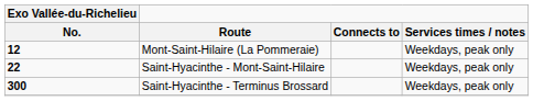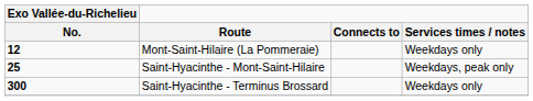 <table align=center class="wikitable">
 <tr>
 <th style="background: #">Exo Vallée-du-Richelieu</th>
 </tr>
 <tr>
 <th>No.</th>
 <th>Route</th>
 <th>Connects to</th>
 <th>Services times / notes</th>
 </tr>
 <tr>
 <td {{border> <strong>12</strong></td>
 <td>Mont-Saint-Hilaire (La Pommeraie)</td>
 <td></td>
-<td>Weekdays, peak only</td>
+<td>Weekdays only</td>
 </tr>
 <tr>
-<td {{border> <strong>22</strong></td>
+<td {{border> <strong>25</strong></td>
 <td>Saint-Hyacinthe - Mont-Saint-Hilaire</td>
 <td></td>
 <td>Weekdays, peak only</td>
 </tr>
 <tr>
 <td {{border> <strong>300</strong></td>
 <td>Saint-Hyacinthe - Terminus Brossard</td>
 <td></td>
-<td>Weekdays, peak only</td>
+<td>Weekdays only</td>
 </tr>
 <tr>
 </tr>
 </table>
